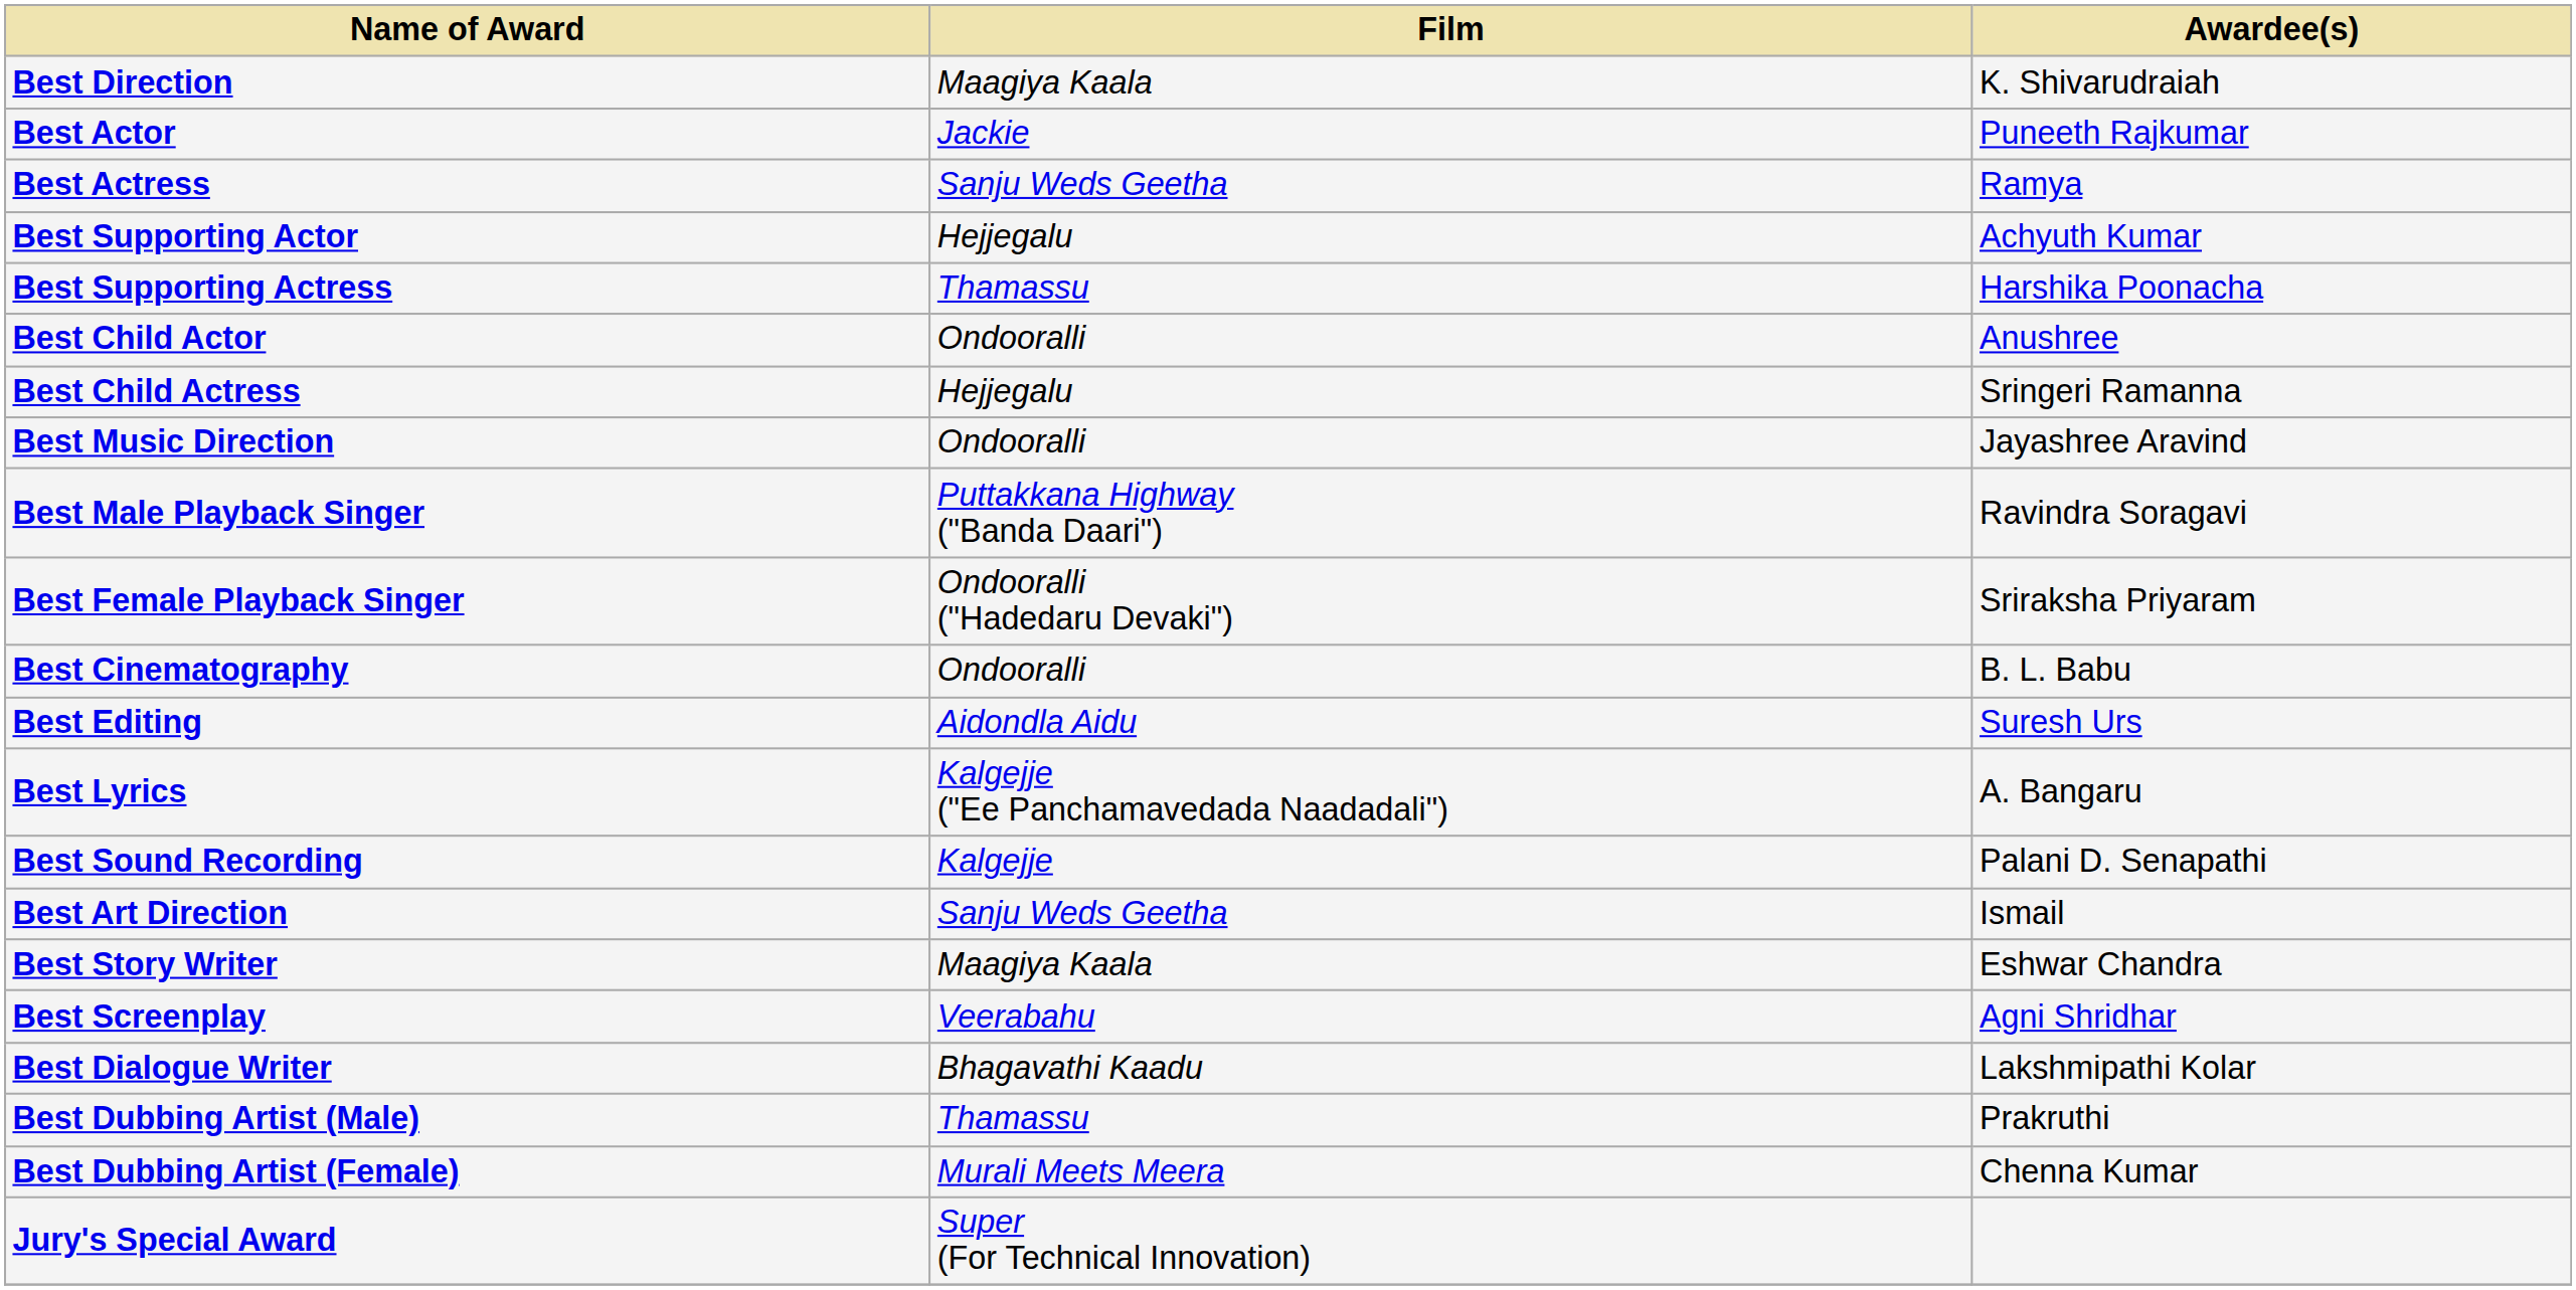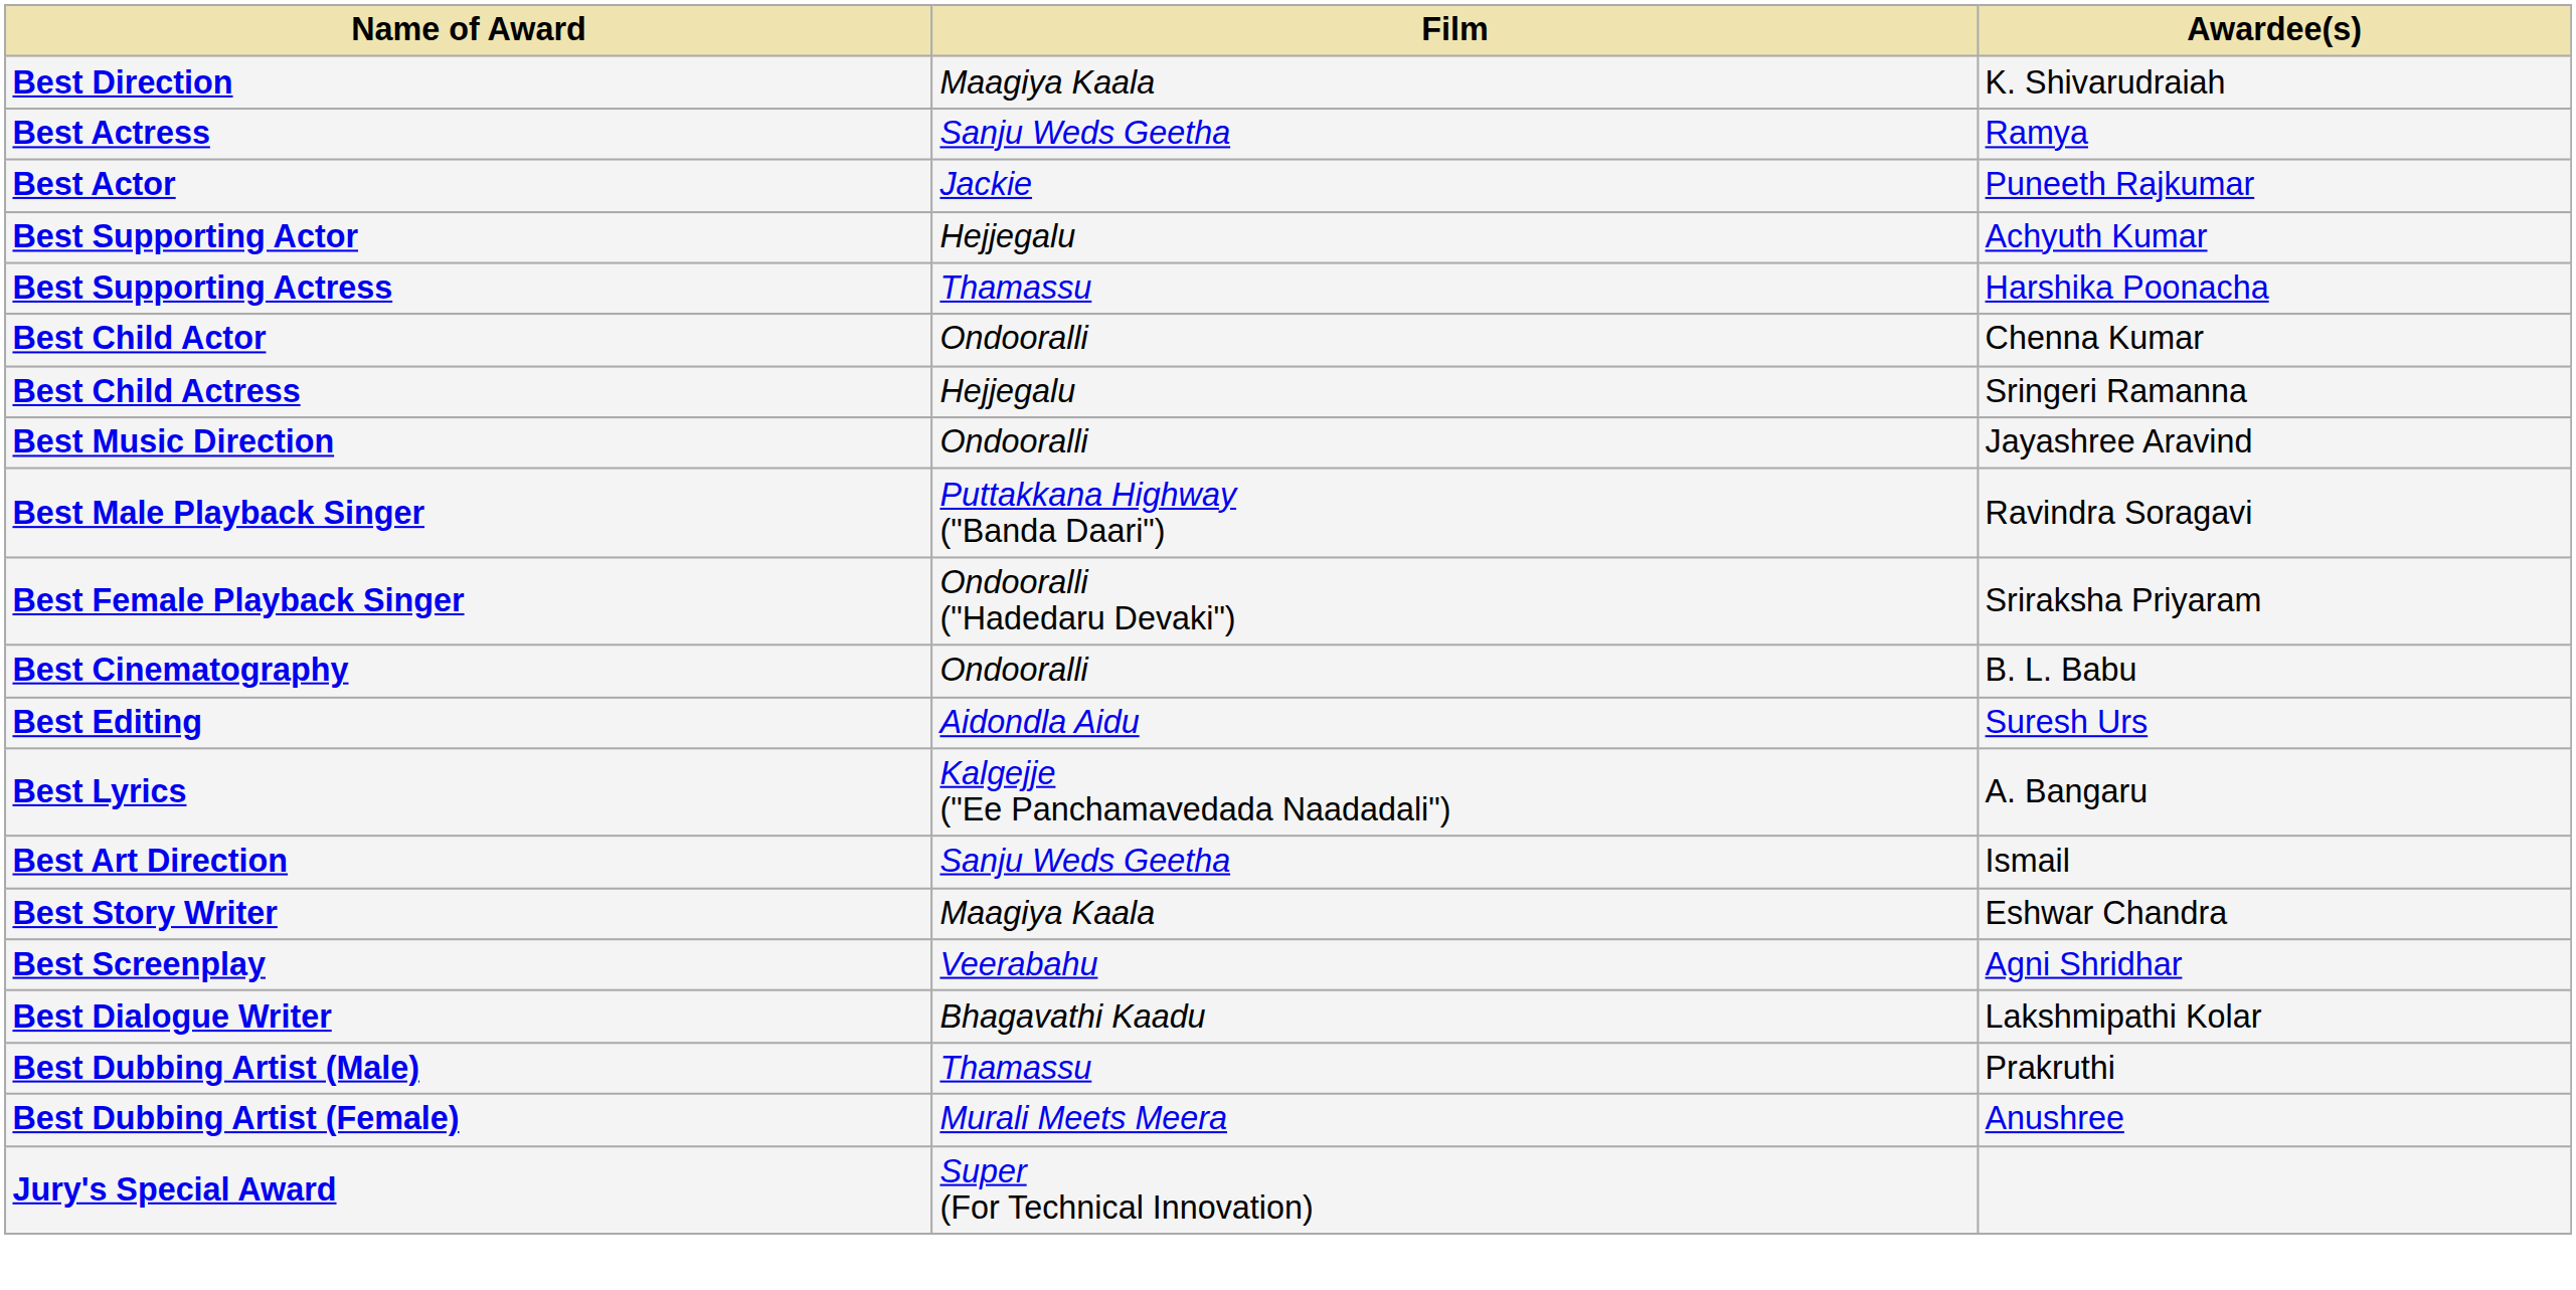 <table class="wikitable" style="width:100%;">
 <tr>
 <th style="background-color:#EFE4B0;">Name of Award</th>
 <th style="background-color:#EFE4B0;">Film</th>
 <th style="background-color:#EFE4B0;">Awardee(s)</th>
 </tr>
 <tr style="background-color:#F4F4F4">
 <td><strong><a href='#'>Best Direction</a></strong></td>
 <td><em>Maagiya Kaala</em></td>
 <td>K. Shivarudraiah</td>
 </tr>
 <tr style="background-color:#F4F4F4">
+<td><strong><a href='#'>Best Actress</a></strong></td>
+<td><em><a href='#'>Sanju Weds Geetha</a></em></td>
+<td><a href='#'>Ramya</a></td>
+</tr>
+<tr style="background-color:#F4F4F4">
 <td><strong><a href='#'>Best Actor</a></strong></td>
 <td><em><a href='#'>Jackie</a></em></td>
 <td><a href='#'>Puneeth Rajkumar</a></td>
-</tr>
-<tr style="background-color:#F4F4F4">
-<td><strong><a href='#'>Best Actress</a></strong></td>
-<td><em><a href='#'>Sanju Weds Geetha</a></em></td>
-<td><a href='#'>Ramya</a></td>
 </tr>
 <tr style="background-color:#F4F4F4">
 <td><strong><a href='#'>Best Supporting Actor</a></strong></td>
 <td><em>Hejjegalu</em></td>
 <td><a href='#'>Achyuth Kumar</a></td>
 </tr>
 <tr style="background-color:#F4F4F4">
 <td><strong><a href='#'>Best Supporting Actress</a></strong></td>
 <td><em><a href='#'>Thamassu</a></em></td>
 <td><a href='#'>Harshika Poonacha</a></td>
 </tr>
 <tr style="background-color:#F4F4F4">
 <td><strong><a href='#'>Best Child Actor</a></strong></td>
 <td><em>Ondooralli</em></td>
-<td><a href='#'>Anushree</a></td>
+<td>Chenna Kumar</td>
 </tr>
 <tr style="background-color:#F4F4F4">
 <td><strong><a href='#'>Best Child Actress</a></strong></td>
 <td><em>Hejjegalu</em></td>
 <td>Sringeri Ramanna</td>
 </tr>
 <tr style="background-color:#F4F4F4">
 <td><strong><a href='#'>Best Music Direction</a></strong></td>
 <td><em>Ondooralli</em></td>
 <td>Jayashree Aravind</td>
 </tr>
 <tr style="background-color:#F4F4F4">
 <td><strong><a href='#'>Best Male Playback Singer</a></strong></td>
 <td><em><a href='#'>Puttakkana Highway</a></em><br>("Banda Daari")</td>
 <td>Ravindra Soragavi</td>
 </tr>
 <tr style="background-color:#F4F4F4">
 <td><strong><a href='#'>Best Female Playback Singer</a></strong></td>
 <td><em>Ondooralli</em><br>("Hadedaru Devaki")</td>
 <td>Sriraksha Priyaram</td>
 </tr>
 <tr style="background-color:#F4F4F4">
 <td><strong><a href='#'>Best Cinematography</a></strong></td>
 <td><em>Ondooralli</em></td>
 <td>B. L. Babu</td>
 </tr>
 <tr style="background-color:#F4F4F4">
 <td><strong><a href='#'>Best Editing</a></strong></td>
 <td><em><a href='#'>Aidondla Aidu</a></em></td>
 <td><a href='#'>Suresh Urs</a></td>
 </tr>
 <tr style="background-color:#F4F4F4">
 <td><strong><a href='#'>Best Lyrics</a></strong></td>
 <td><em><a href='#'>Kalgejje</a></em><br>("Ee Panchamavedada Naadadali")</td>
 <td>A. Bangaru</td>
 </tr>
 <tr style="background-color:#F4F4F4">
-<td><strong><a href='#'>Best Sound Recording</a></strong></td>
-<td><em><a href='#'>Kalgejje</a></em></td>
-<td>Palani D. Senapathi</td>
-</tr>
-<tr style="background-color:#F4F4F4">
 <td><strong><a href='#'>Best Art Direction</a></strong></td>
 <td><em><a href='#'>Sanju Weds Geetha</a></em></td>
 <td>Ismail</td>
 </tr>
 <tr style="background-color:#F4F4F4">
 <td><strong><a href='#'>Best Story Writer</a></strong></td>
 <td><em>Maagiya Kaala</em></td>
 <td>Eshwar Chandra</td>
 </tr>
 <tr style="background-color:#F4F4F4">
 <td><strong><a href='#'>Best Screenplay</a></strong></td>
 <td><em><a href='#'>Veerabahu</a></em></td>
 <td><a href='#'>Agni Shridhar</a></td>
 </tr>
 <tr style="background-color:#F4F4F4">
 <td><strong><a href='#'>Best Dialogue Writer</a></strong></td>
 <td><em>Bhagavathi Kaadu</em></td>
 <td>Lakshmipathi Kolar</td>
 </tr>
 <tr style="background-color:#F4F4F4">
 <td><strong><a href='#'>Best Dubbing Artist (Male)</a></strong></td>
 <td><em><a href='#'>Thamassu</a></em></td>
 <td>Prakruthi</td>
 </tr>
 <tr style="background-color:#F4F4F4">
 <td><strong><a href='#'>Best Dubbing Artist (Female)</a></strong></td>
 <td><em><a href='#'>Murali Meets Meera</a></em></td>
-<td>Chenna Kumar</td>
+<td><a href='#'>Anushree</a></td>
 </tr>
 <tr style="background-color:#F4F4F4">
 <td><strong><a href='#'>Jury's Special Award</a></strong></td>
 <td><em><a href='#'>Super</a></em><br>(For Technical Innovation)</td>
 <td></td>
 </tr>
 <tr style="background-color:#F4F4F4">
 </tr>
 </table>
